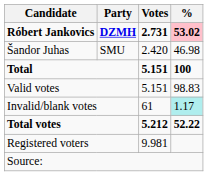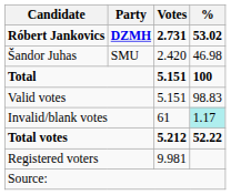 <table class="wikitable" style="text-align: left;">
 <tr>
 <th>Candidate</th>
 <th>Party</th>
 <th>Votes</th>
 <th>%</th>
 </tr>
 <tr>
 <td><strong>Róbert Jankovics</strong></td>
 <td><a href='#'><strong>DZMH</strong></a></td>
 <td><strong>2.731</strong></td>
-<td style="background: pink;"><strong>53.02</strong></td>
+<td><strong>53.02</strong></td>
 </tr>
 <tr>
 <td>Šandor Juhas</td>
 <td>SMU</td>
 <td>2.420</td>
 <td>46.98</td>
 </tr>
 <tr>
 <td colspan="2"><strong>Total</strong></td>
 <td><strong>5.151</strong></td>
 <td><strong>100</strong></td>
 </tr>
 <tr>
 <td colspan="2">Valid votes</td>
 <td>5.151</td>
 <td>98.83</td>
 </tr>
 <tr>
 <td colspan="2">Invalid/blank votes</td>
 <td>61</td>
 <td style="background: paleturquoise;">1.17</td>
 </tr>
 <tr>
 <td colspan="2"><strong>Total votes</strong></td>
 <td><strong>5.212</strong></td>
 <td><strong>52.22</strong></td>
 </tr>
 <tr>
 <td colspan="2">Registered voters</td>
 <td>9.981</td>
 <td></td>
 </tr>
 <tr>
 <td colspan="4">Source: </td>
 </tr>
 </table>
